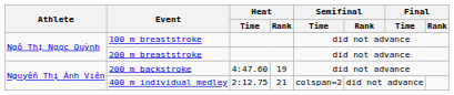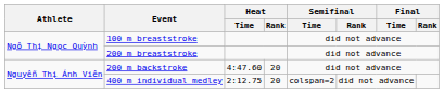 <table class=wikitable style="font-size:90%">
 <tr>
 <th rowspan="2">Athlete</th>
 <th rowspan="2">Event</th>
 <th colspan="2">Heat</th>
 <th colspan="2">Semifinal</th>
 <th colspan="2">Final</th>
 </tr>
 <tr style="font-size:95%">
 <th>Time</th>
 <th>Rank</th>
 <th>Time</th>
 <th>Rank</th>
 <th>Time</th>
 <th>Rank</th>
 </tr>
 <tr align=center>
 <td align=left rowspan=2><a href='#'>Ngô Thị Ngọc Quỳnh</a></td>
 <td align=left><a href='#'>100 m breaststroke</a></td>
 <td colspan=2></td>
 <td colspan=4>did not advance</td>
 </tr>
 <tr align=center>
 <td align=left><a href='#'>200 m breaststroke</a></td>
 <td colspan=2></td>
 <td colspan=4>did not advance</td>
 </tr>
 <tr align=center>
 <td align=left rowspan=2><a href='#'>Nguyễn Thị Ánh Viên</a></td>
 <td align=left><a href='#'>200 m backstroke</a></td>
 <td>4:47.60</td>
-<td>19</td>
+<td>20</td>
 <td colspan=4>did not advance</td>
 </tr>
 <tr align=center>
 <td align=left><a href='#'>400 m individual medley</a></td>
 <td>2:12.75</td>
-<td>21</td>
+<td>20</td>
 <td>colspan=2 </td>
 <td colspan=2>did not advance</td>
 </tr>
 </table>
